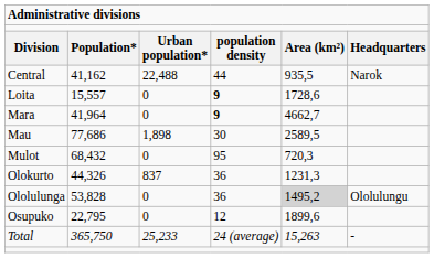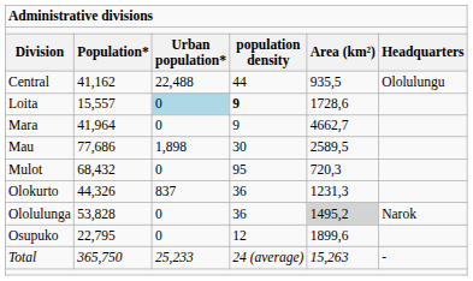 <table class="wikitable">
 <tr>
 <td colspan="6"><strong>Administrative divisions</strong></td>
 </tr>
 <tr>
 <td colspan="6"></td>
 </tr>
 <tr>
 <th>Division</th>
 <th>Population*</th>
 <th>Urban<br> population*</th>
 <th>population<br> density</th>
 <th>Area (km²)</th>
 <th>Headquarters</th>
 </tr>
 <tr>
 <td>Central</td>
 <td>41,162</td>
 <td>22,488</td>
 <td>44</td>
 <td>935,5</td>
-<td>Narok</td>
+<td>Ololulungu</td>
 </tr>
 <tr>
 <td>Loita</td>
 <td>15,557</td>
-<td>0</td>
+<td style="background: lightblue;">0</td>
 <td><strong>9</strong></td>
 <td>1728,6</td>
 <td></td>
 </tr>
 <tr>
 <td>Mara</td>
 <td>41,964</td>
 <td>0</td>
-<td><strong>9</strong></td>
+<td>9</td>
 <td>4662,7</td>
 <td></td>
 </tr>
 <tr>
 <td>Mau</td>
 <td>77,686</td>
 <td>1,898</td>
 <td>30</td>
 <td>2589,5</td>
 <td></td>
 </tr>
 <tr>
 <td>Mulot</td>
 <td>68,432</td>
 <td>0</td>
 <td>95</td>
 <td>720,3</td>
 <td></td>
 </tr>
 <tr>
 <td>Olokurto</td>
 <td>44,326</td>
 <td>837</td>
 <td>36</td>
 <td>1231,3</td>
 <td></td>
 </tr>
 <tr>
 <td>Ololulunga</td>
 <td>53,828</td>
 <td>0</td>
 <td>36</td>
 <td style="background: lightgrey;">1495,2</td>
-<td>Ololulungu</td>
+<td>Narok</td>
 </tr>
 <tr>
 <td>Osupuko</td>
 <td>22,795</td>
 <td>0</td>
 <td>12</td>
 <td>1899,6</td>
 <td></td>
 </tr>
 <tr>
 <td><em>Total</em></td>
 <td><em>365,750</em></td>
 <td><em>25,233</em></td>
 <td><em>24 (average)</em></td>
 <td><em>15,263</em></td>
 <td>-</td>
 </tr>
 <tr>
 <td colspan="6"></td>
 </tr>
 </table>
